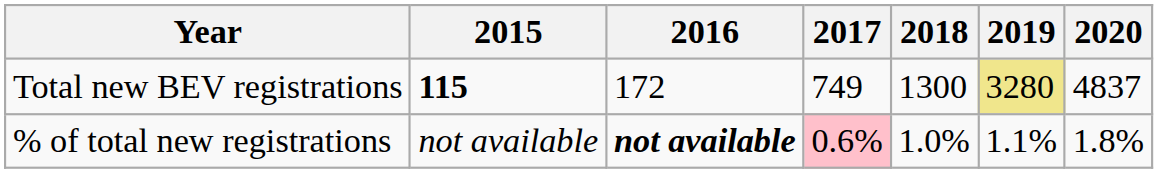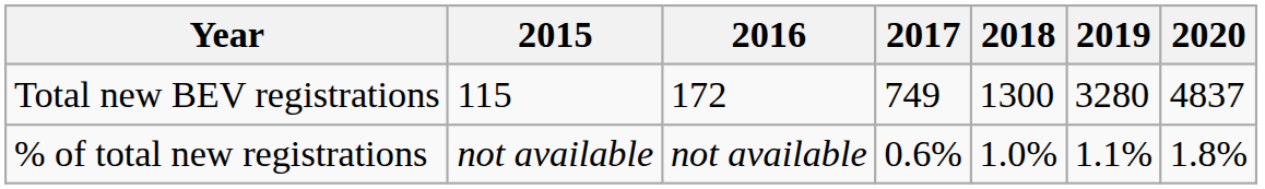 <table class="wikitable">
 <tr>
 <th>Year</th>
 <th>2015</th>
 <th>2016</th>
 <th>2017</th>
 <th>2018</th>
 <th>2019</th>
 <th>2020</th>
 </tr>
 <tr>
 <td>Total new BEV registrations</td>
-<td><strong>115</strong></td>
+<td>115</td>
 <td>172</td>
 <td>749</td>
 <td>1300</td>
-<td style="background: khaki;">3280</td>
+<td>3280</td>
 <td>4837</td>
 </tr>
 <tr>
 <td>% of total new registrations</td>
 <td><em>not available</em></td>
-<td><strong><em>not available</em></strong></td>
-<td style="background: pink;">0.6%</td>
+<td><em>not available</em></td>
+<td>0.6%</td>
 <td>1.0%</td>
 <td>1.1%</td>
 <td>1.8%</td>
 </tr>
 </table>
